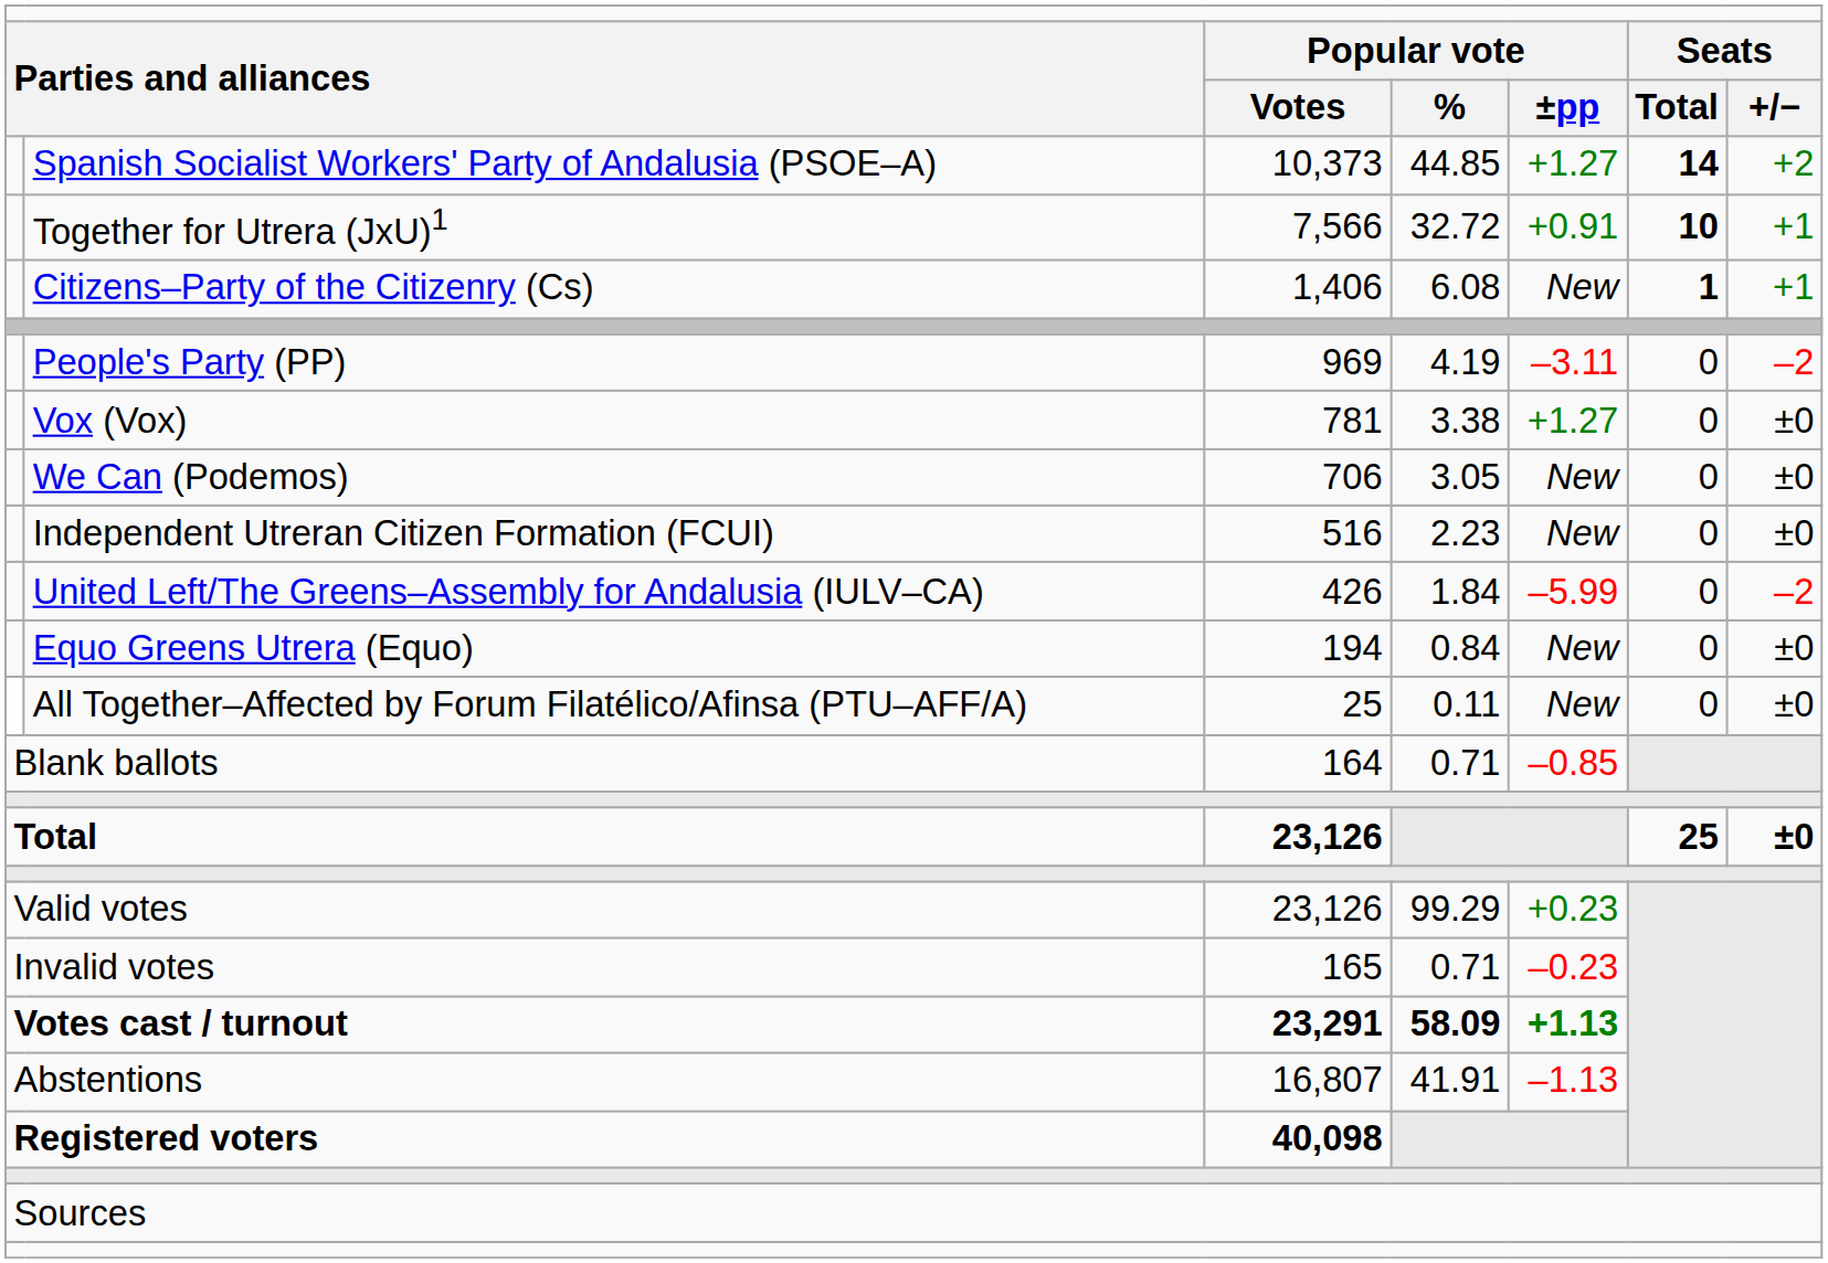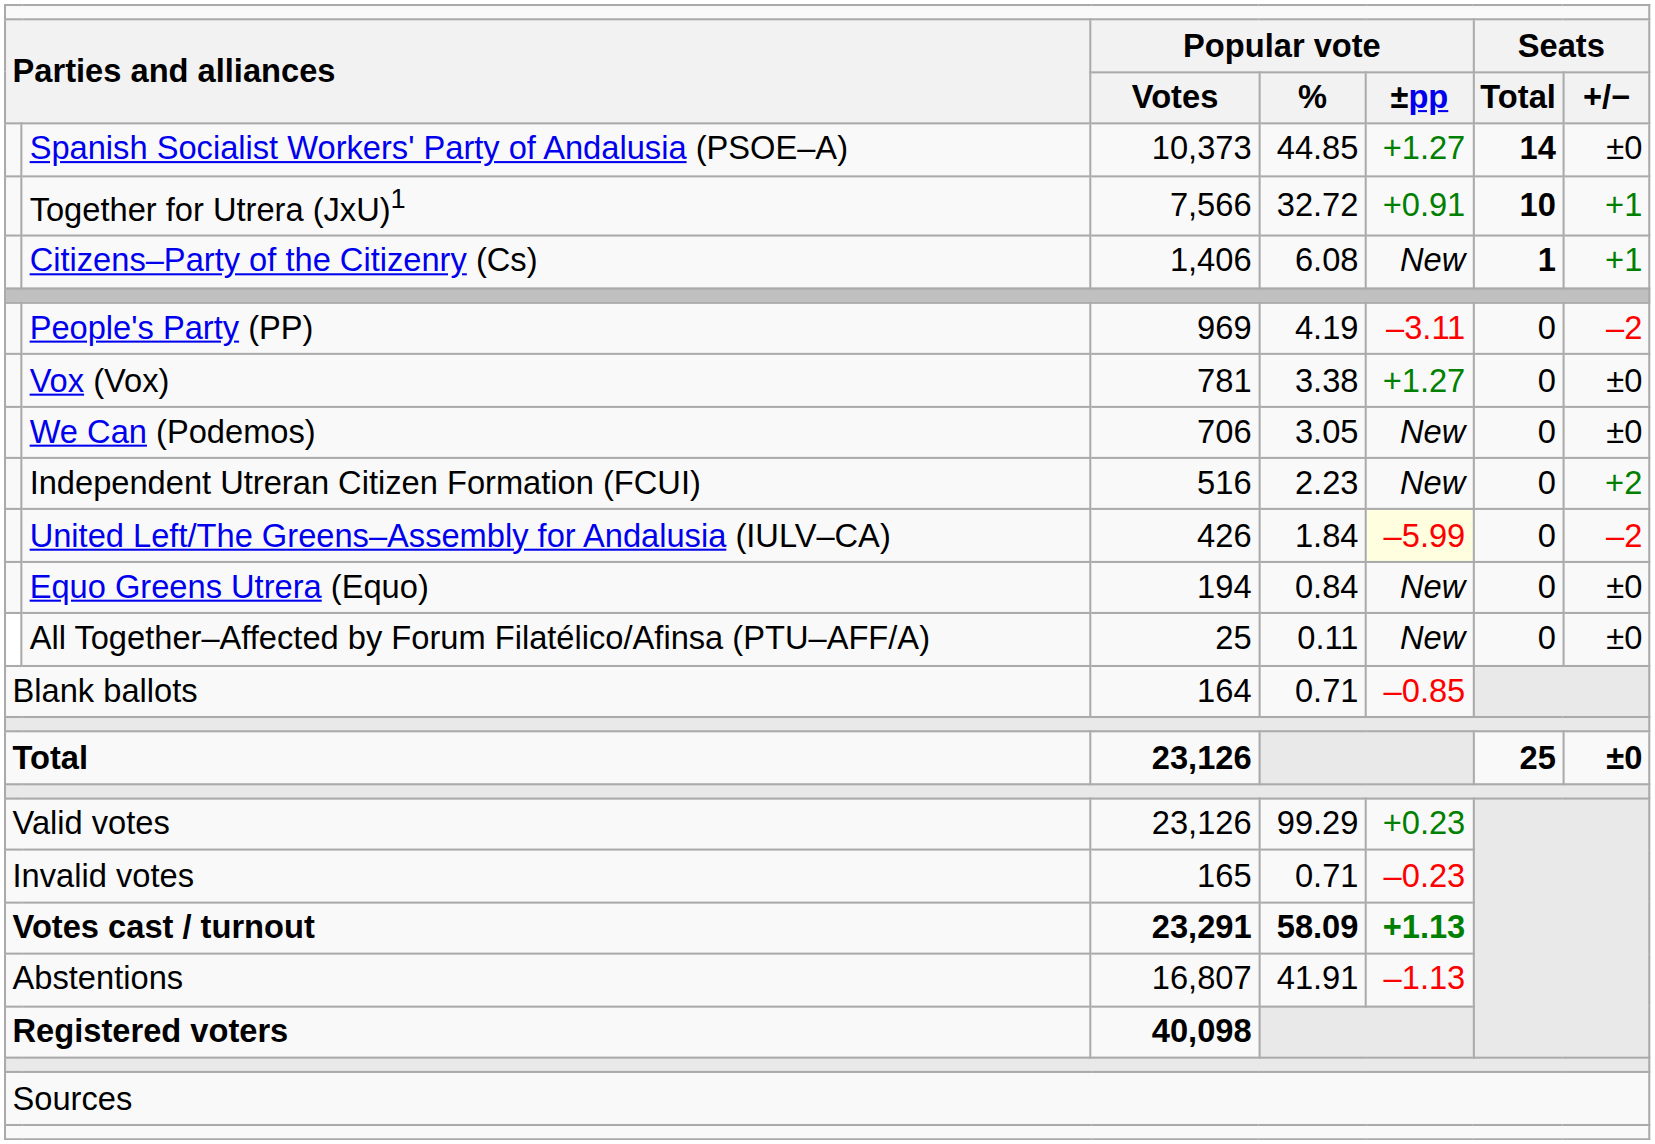 <table class="wikitable" style="text-align:right;">
 <tr>
 <td colspan="7"></td>
 </tr>
 <tr>
 <th style="text-align:left;" rowspan="2" colspan="2" width="525">Parties and alliances</th>
 <th colspan="3">Popular vote</th>
 <th colspan="2">Seats</th>
 </tr>
 <tr>
 <th width="75">Votes</th>
 <th width="45">%</th>
 <th width="45">±<a href='#'>pp</a></th>
 <th width="35">Total</th>
 <th width="35">+/−</th>
 </tr>
 <tr>
 <td width="1" style="color:inherit;background:"></td>
 <td align="left"><a href='#'>Spanish Socialist Workers' Party of Andalusia</a> (PSOE–A)</td>
 <td>10,373</td>
 <td>44.85</td>
 <td style="color:green;">+1.27</td>
 <td><strong>14</strong></td>
-<td style="color:green;">+2</td>
+<td>±0</td>
 </tr>
 <tr>
 <td style="color:inherit;background:"></td>
 <td align="left">Together for Utrera (JxU)<sup>1</sup></td>
 <td>7,566</td>
 <td>32.72</td>
 <td style="color:green;">+0.91</td>
 <td><strong>10</strong></td>
 <td style="color:green;">+1</td>
 </tr>
 <tr>
 <td style="color:inherit;background:"></td>
 <td align="left"><a href='#'>Citizens–Party of the Citizenry</a> (Cs)</td>
 <td>1,406</td>
 <td>6.08</td>
 <td><em>New</em></td>
 <td><strong>1</strong></td>
 <td style="color:green;">+1</td>
 </tr>
 <tr>
 <td colspan="7" bgcolor="#C0C0C0"></td>
 </tr>
 <tr>
 <td style="color:inherit;background:"></td>
 <td align="left"><a href='#'>People's Party</a> (PP)</td>
 <td>969</td>
 <td>4.19</td>
 <td style="color:red;">–3.11</td>
 <td>0</td>
 <td style="color:red;">–2</td>
 </tr>
 <tr>
 <td style="color:inherit;background:"></td>
 <td align="left"><a href='#'>Vox</a> (Vox)</td>
 <td>781</td>
 <td>3.38</td>
 <td style="color:green;">+1.27</td>
 <td>0</td>
 <td>±0</td>
 </tr>
 <tr>
 <td style="color:inherit;background:"></td>
 <td align="left"><a href='#'>We Can</a> (Podemos)</td>
 <td>706</td>
 <td>3.05</td>
 <td><em>New</em></td>
 <td>0</td>
 <td>±0</td>
 </tr>
 <tr>
 <td style="color:inherit;background:"></td>
 <td align="left">Independent Utreran Citizen Formation (FCUI)</td>
 <td>516</td>
 <td>2.23</td>
 <td><em>New</em></td>
 <td>0</td>
-<td>±0</td>
+<td style="color:green;">+2</td>
 </tr>
 <tr>
 <td style="color:inherit;background:"></td>
 <td align="left"><a href='#'>United Left/The Greens–Assembly for Andalusia</a> (IULV–CA)</td>
 <td>426</td>
 <td>1.84</td>
-<td style="color:red;">–5.99</td>
+<td style="background: lightyellow; color:red;">–5.99</td>
 <td>0</td>
 <td style="color:red;">–2</td>
 </tr>
 <tr>
 <td style="color:inherit;background:"></td>
 <td align="left"><a href='#'>Equo Greens Utrera</a> (Equo)</td>
 <td>194</td>
 <td>0.84</td>
 <td><em>New</em></td>
 <td>0</td>
 <td>±0</td>
 </tr>
 <tr>
 <td bgcolor="white"></td>
 <td align="left">All Together–Affected by Forum Filatélico/Afinsa (PTU–AFF/A)</td>
 <td>25</td>
 <td>0.11</td>
 <td><em>New</em></td>
 <td>0</td>
 <td>±0</td>
 </tr>
 <tr>
 <td align="left" colspan="2">Blank ballots</td>
 <td>164</td>
 <td>0.71</td>
 <td style="color:red;">–0.85</td>
 <td bgcolor="#E9E9E9" colspan="2"></td>
 </tr>
 <tr>
 <td colspan="7" bgcolor="#E9E9E9"></td>
 </tr>
 <tr style="font-weight:bold;">
 <td align="left" colspan="2">Total</td>
 <td>23,126</td>
 <td bgcolor="#E9E9E9" colspan="2"></td>
 <td>25</td>
 <td>±0</td>
 </tr>
 <tr>
 <td colspan="7" bgcolor="#E9E9E9"></td>
 </tr>
 <tr>
 <td align="left" colspan="2">Valid votes</td>
 <td>23,126</td>
 <td>99.29</td>
 <td style="color:green;">+0.23</td>
 <td bgcolor="#E9E9E9" colspan="2" rowspan="5"></td>
 </tr>
 <tr>
 <td align="left" colspan="2">Invalid votes</td>
 <td>165</td>
 <td>0.71</td>
 <td style="color:red;">–0.23</td>
 </tr>
 <tr style="font-weight:bold;">
 <td align="left" colspan="2">Votes cast / turnout</td>
 <td>23,291</td>
 <td>58.09</td>
 <td style="color:green;">+1.13</td>
 </tr>
 <tr>
 <td align="left" colspan="2">Abstentions</td>
 <td>16,807</td>
 <td>41.91</td>
 <td style="color:red;">–1.13</td>
 </tr>
 <tr style="font-weight:bold;">
 <td align="left" colspan="2">Registered voters</td>
 <td>40,098</td>
 <td bgcolor="#E9E9E9" colspan="2"></td>
 </tr>
 <tr>
 <td colspan="7" bgcolor="#E9E9E9"></td>
 </tr>
 <tr>
 <td align="left" colspan="7">Sources</td>
 </tr>
 <tr>
 <td colspan="7" style="text-align:left; max-width:790px;"></td>
 </tr>
 </table>
